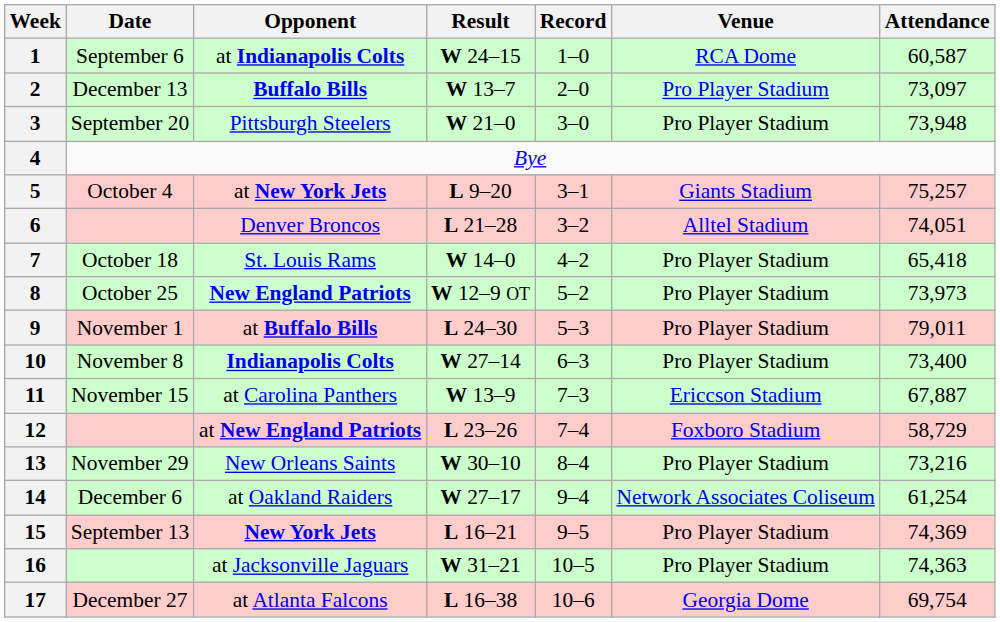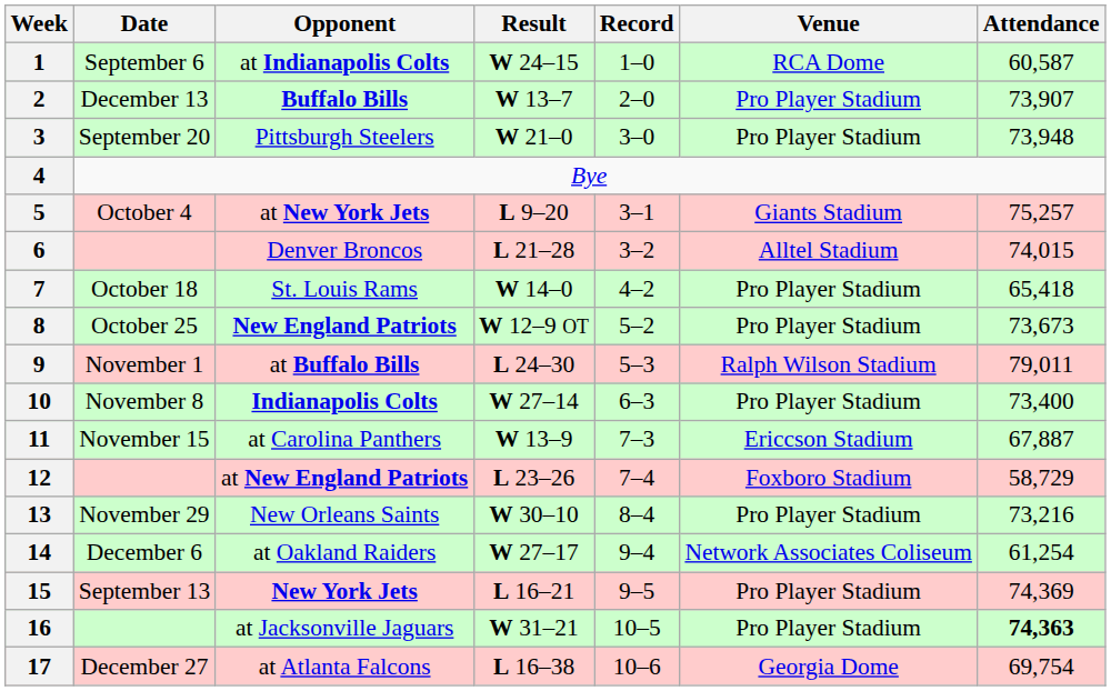 <table class="wikitable" style="text-align:center">
 <tr>
 <th>Week</th>
 <th>Date</th>
 <th>Opponent</th>
 <th>Result</th>
 <th>Record</th>
 <th>Venue</th>
 <th>Attendance</th>
 </tr>
 <tr style="background:#cfc">
 <th>1</th>
 <td>September 6</td>
 <td>at <strong><a href='#'>Indianapolis Colts</a></strong></td>
 <td><strong>W</strong> 24–15</td>
 <td>1–0</td>
 <td><a href='#'>RCA Dome</a></td>
 <td>60,587</td>
 </tr>
 <tr style="background:#cfc">
 <th>2</th>
 <td>December 13</td>
 <td><strong><a href='#'>Buffalo Bills</a></strong></td>
 <td><strong>W</strong> 13–7</td>
 <td>2–0</td>
 <td><a href='#'>Pro Player Stadium</a></td>
-<td>73,097</td>
+<td>73,907</td>
 </tr>
 <tr style="background:#cfc">
 <th>3</th>
 <td>September 20</td>
 <td><a href='#'>Pittsburgh Steelers</a></td>
 <td><strong>W</strong> 21–0</td>
 <td>3–0</td>
 <td>Pro Player Stadium</td>
 <td>73,948</td>
 </tr>
 <tr>
 <th>4</th>
 <td colspan=6 align="center"><em><a href='#'>Bye</a></em></td>
 </tr>
 <tr style="background:#fcc">
 <th>5</th>
 <td>October 4</td>
 <td>at <strong><a href='#'>New York Jets</a></strong></td>
 <td><strong>L</strong> 9–20</td>
 <td>3–1</td>
 <td><a href='#'>Giants Stadium</a></td>
 <td>75,257</td>
 </tr>
 <tr style="background:#fcc">
 <th>6</th>
 <td></td>
 <td><a href='#'>Denver Broncos</a></td>
 <td><strong>L</strong> 21–28</td>
 <td>3–2</td>
 <td><a href='#'>Alltel Stadium</a></td>
-<td>74,051</td>
+<td>74,015</td>
 </tr>
 <tr style="background:#cfc">
 <th>7</th>
 <td>October 18</td>
 <td><a href='#'>St. Louis Rams</a></td>
 <td><strong>W</strong> 14–0</td>
 <td>4–2</td>
 <td>Pro Player Stadium</td>
 <td>65,418</td>
 </tr>
 <tr style="background:#cfc">
 <th>8</th>
 <td>October 25</td>
 <td><strong><a href='#'>New England Patriots</a></strong></td>
 <td><strong>W</strong> 12–9 <small>OT</small></td>
 <td>5–2</td>
 <td>Pro Player Stadium</td>
-<td>73,973</td>
+<td>73,673</td>
 </tr>
 <tr style="background:#fcc">
 <th>9</th>
 <td>November 1</td>
 <td>at <strong><a href='#'>Buffalo Bills</a></strong></td>
 <td><strong>L</strong> 24–30</td>
 <td>5–3</td>
-<td>Pro Player Stadium</td>
+<td><a href='#'>Ralph Wilson Stadium</a></td>
 <td>79,011</td>
 </tr>
 <tr style="background:#cfc">
 <th>10</th>
 <td>November 8</td>
 <td><strong><a href='#'>Indianapolis Colts</a></strong></td>
 <td><strong>W</strong> 27–14</td>
 <td>6–3</td>
 <td>Pro Player Stadium</td>
 <td>73,400</td>
 </tr>
 <tr style="background:#cfc">
 <th>11</th>
 <td>November 15</td>
 <td>at <a href='#'>Carolina Panthers</a></td>
 <td><strong>W</strong> 13–9</td>
 <td>7–3</td>
 <td><a href='#'>Ericcson Stadium</a></td>
 <td>67,887</td>
 </tr>
 <tr style="background:#fcc">
 <th>12</th>
 <td></td>
 <td>at <strong><a href='#'>New England Patriots</a></strong></td>
 <td><strong>L</strong> 23–26</td>
 <td>7–4</td>
 <td><a href='#'>Foxboro Stadium</a></td>
 <td>58,729</td>
 </tr>
 <tr style="background:#cfc">
 <th>13</th>
 <td>November 29</td>
 <td><a href='#'>New Orleans Saints</a></td>
 <td><strong>W</strong> 30–10</td>
 <td>8–4</td>
 <td>Pro Player Stadium</td>
 <td>73,216</td>
 </tr>
 <tr style="background:#cfc">
 <th>14</th>
 <td>December 6</td>
 <td>at <a href='#'>Oakland Raiders</a></td>
 <td><strong>W</strong> 27–17</td>
 <td>9–4</td>
 <td><a href='#'>Network Associates Coliseum</a></td>
 <td>61,254</td>
 </tr>
 <tr style="background:#fcc">
 <th>15</th>
 <td>September 13</td>
 <td><strong><a href='#'>New York Jets</a></strong></td>
 <td><strong>L</strong> 16–21</td>
 <td>9–5</td>
 <td>Pro Player Stadium</td>
 <td>74,369</td>
 </tr>
 <tr style="background:#cfc">
 <th>16</th>
 <td></td>
 <td>at <a href='#'>Jacksonville Jaguars</a></td>
 <td><strong>W</strong> 31–21</td>
 <td>10–5</td>
 <td>Pro Player Stadium</td>
-<td>74,363</td>
+<td><strong>74,363</strong></td>
 </tr>
 <tr style="background:#fcc">
 <th>17</th>
 <td>December 27</td>
 <td>at <a href='#'>Atlanta Falcons</a></td>
 <td><strong>L</strong> 16–38</td>
 <td>10–6</td>
 <td><a href='#'>Georgia Dome</a></td>
 <td>69,754</td>
 </tr>
 </table>
